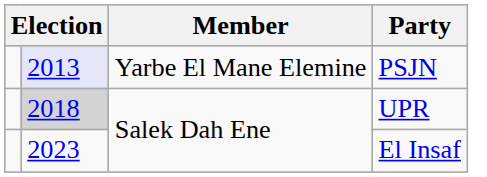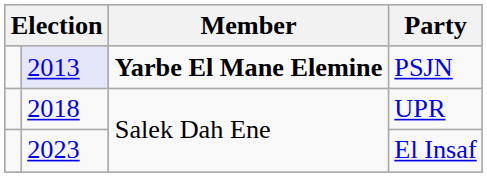 <table class="wikitable">
 <tr>
 <th colspan="2">Election</th>
 <th>Member</th>
 <th>Party</th>
 </tr>
 <tr>
 <td style="color:inherit;background:"></td>
 <td style="background: lavender;"><a href='#'>2013</a></td>
-<td>Yarbe El Mane Elemine</td>
+<td><strong>Yarbe El Mane Elemine</strong></td>
 <td><a href='#'>PSJN</a></td>
 </tr>
 <tr>
 <td style="color:inherit;background:"></td>
-<td style="background: lightgrey;"><a href='#'>2018</a></td>
+<td><a href='#'>2018</a></td>
 <td rowspan=2>Salek Dah Ene</td>
 <td><a href='#'>UPR</a></td>
 </tr>
 <tr>
 <td style="color:inherit;background:"></td>
 <td><a href='#'>2023</a></td>
 <td><a href='#'>El Insaf</a></td>
 </tr>
 </table>
